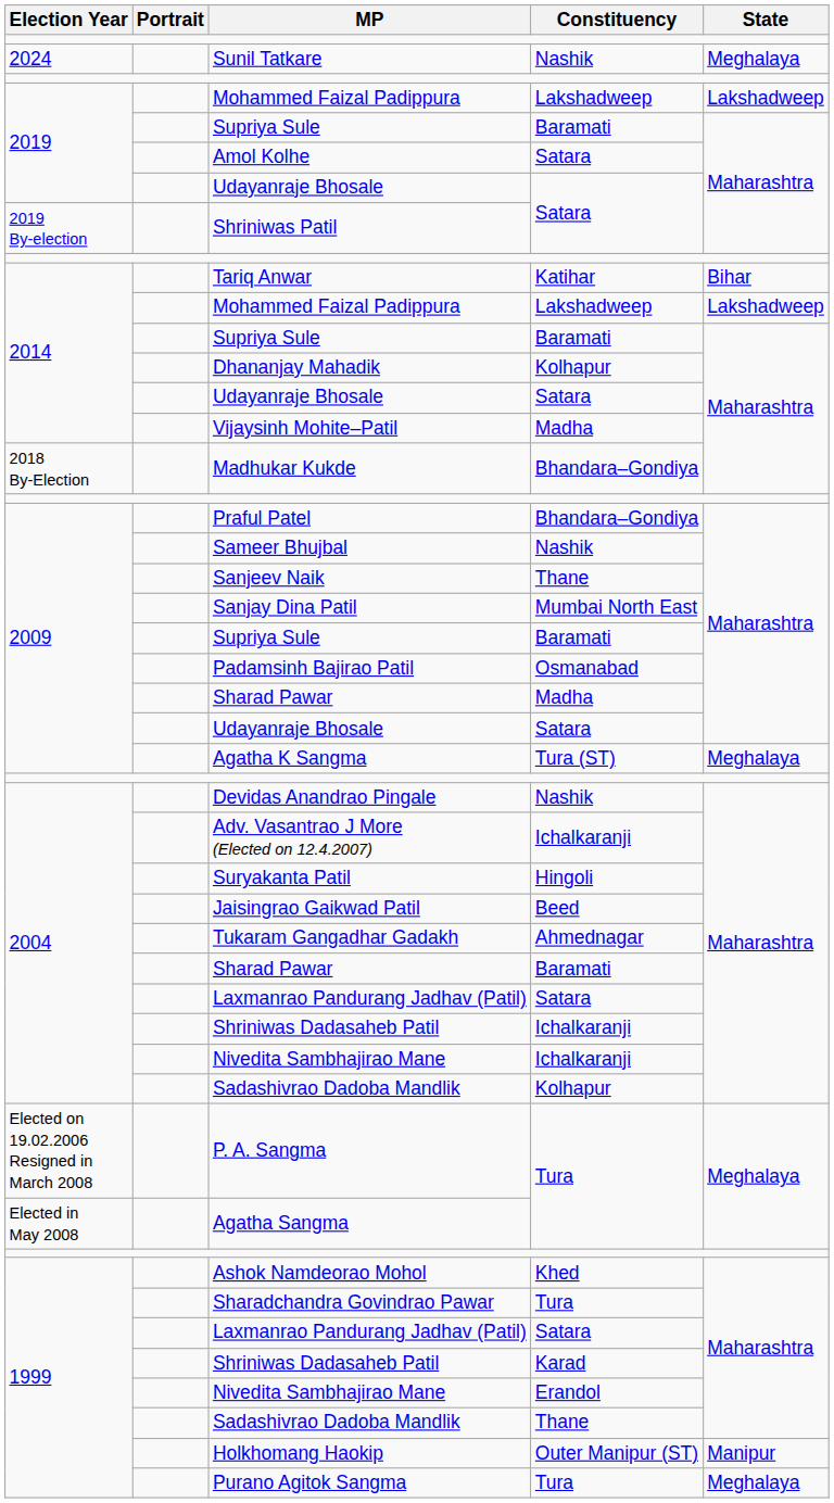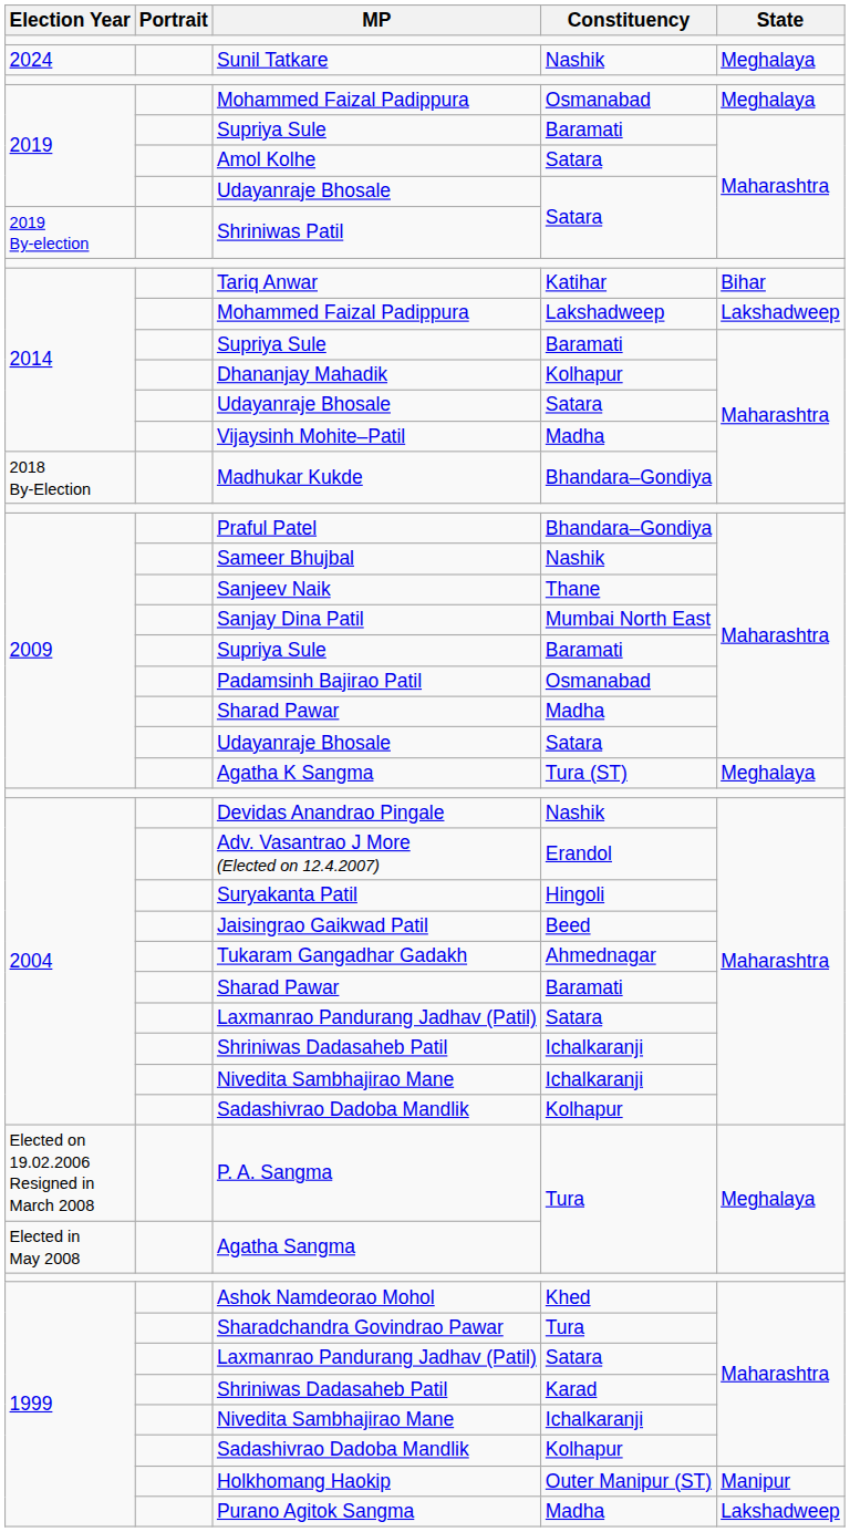 <table class="wikitable">
 <tr>
 <th>Election Year</th>
 <th>Portrait</th>
 <th>MP</th>
 <th>Constituency</th>
 <th>State</th>
 </tr>
 <tr>
 <td Colspan = 6; bgcolor = ><strong></strong></td>
 </tr>
 <tr>
 <td><a href='#'>2024</a></td>
 <td></td>
 <td><a href='#'>Sunil Tatkare</a></td>
 <td><a href='#'>Nashik</a></td>
 <td><a href='#'>Meghalaya</a></td>
 </tr>
 <tr>
 <td Colspan=6, align="center" Style="background-color:"><strong><a href='#'></a></strong></td>
 </tr>
 <tr>
 <td rowspan="4"><a href='#'>2019</a></td>
 <td></td>
 <td><a href='#'>Mohammed Faizal Padippura</a></td>
-<td><a href='#'>Lakshadweep</a></td>
-<td><a href='#'>Lakshadweep</a></td>
+<td><a href='#'>Osmanabad</a></td>
+<td><a href='#'>Meghalaya</a></td>
 </tr>
 <tr>
 <td></td>
 <td><a href='#'>Supriya Sule</a></td>
 <td><a href='#'>Baramati</a></td>
 <td rowspan="4"><a href='#'>Maharashtra</a></td>
 </tr>
 <tr>
 <td></td>
 <td><a href='#'>Amol Kolhe</a></td>
 <td><a href='#'>Satara</a></td>
 </tr>
 <tr>
 <td></td>
 <td><a href='#'>Udayanraje Bhosale</a></td>
 <td rowspan="2"><a href='#'>Satara</a></td>
 </tr>
 <tr>
 <td><a href='#'><small>2019<br>By-election</small></a></td>
 <td></td>
 <td><a href='#'>Shriniwas Patil</a></td>
 </tr>
 <tr>
 <td Colspan=6, align="center" Style="background-color:"><strong><a href='#'></a></strong></td>
 </tr>
 <tr>
 <td rowspan="6"><a href='#'>2014</a></td>
 <td></td>
 <td><a href='#'>Tariq Anwar</a></td>
 <td><a href='#'>Katihar</a></td>
 <td><a href='#'>Bihar</a></td>
 </tr>
 <tr>
 <td></td>
 <td><a href='#'>Mohammed Faizal Padippura</a></td>
 <td><a href='#'>Lakshadweep</a></td>
 <td><a href='#'>Lakshadweep</a></td>
 </tr>
 <tr>
 <td></td>
 <td><a href='#'>Supriya Sule</a></td>
 <td><a href='#'>Baramati</a></td>
 <td rowspan="5"><a href='#'>Maharashtra</a></td>
 </tr>
 <tr>
 <td></td>
 <td><a href='#'>Dhananjay Mahadik</a></td>
 <td><a href='#'>Kolhapur</a></td>
 </tr>
 <tr>
 <td></td>
 <td><a href='#'>Udayanraje Bhosale</a></td>
 <td><a href='#'>Satara</a></td>
 </tr>
 <tr>
 <td></td>
 <td><a href='#'>Vijaysinh Mohite–Patil</a></td>
 <td><a href='#'>Madha</a></td>
 </tr>
 <tr>
 <td><small>2018<br>By-Election</small></td>
 <td></td>
 <td><a href='#'>Madhukar Kukde</a></td>
 <td><a href='#'>Bhandara–Gondiya</a></td>
 </tr>
 <tr>
 <td Colspan=6, align="center" Style="background-color:"><strong><a href='#'></a></strong></td>
 </tr>
 <tr>
 <td rowspan="9"><a href='#'>2009</a></td>
 <td></td>
 <td><a href='#'>Praful Patel</a></td>
 <td><a href='#'>Bhandara–Gondiya</a></td>
 <td rowspan="8"><a href='#'>Maharashtra</a></td>
 </tr>
 <tr>
 <td></td>
 <td><a href='#'>Sameer Bhujbal</a></td>
 <td><a href='#'>Nashik</a></td>
 </tr>
 <tr>
 <td></td>
 <td><a href='#'>Sanjeev Naik</a></td>
 <td><a href='#'>Thane</a></td>
 </tr>
 <tr>
 <td></td>
 <td><a href='#'>Sanjay Dina Patil</a></td>
 <td><a href='#'>Mumbai North East</a></td>
 </tr>
 <tr>
 <td></td>
 <td><a href='#'>Supriya Sule</a></td>
 <td><a href='#'>Baramati</a></td>
 </tr>
 <tr>
 <td></td>
 <td><a href='#'>Padamsinh Bajirao Patil</a></td>
 <td><a href='#'>Osmanabad</a></td>
 </tr>
 <tr>
 <td></td>
 <td><a href='#'>Sharad Pawar</a></td>
 <td><a href='#'>Madha</a></td>
 </tr>
 <tr>
 <td></td>
 <td><a href='#'>Udayanraje Bhosale</a></td>
 <td><a href='#'>Satara</a></td>
 </tr>
 <tr>
 <td></td>
 <td><a href='#'>Agatha K Sangma</a></td>
 <td><a href='#'>Tura (ST)</a></td>
 <td><a href='#'>Meghalaya</a></td>
 </tr>
 <tr>
 <td Colspan=6, align="center" Style="background-color:"><strong><a href='#'></a></strong></td>
 </tr>
 <tr>
 <td rowspan="10"><a href='#'>2004</a></td>
 <td></td>
 <td><a href='#'>Devidas Anandrao Pingale</a></td>
 <td><a href='#'>Nashik</a></td>
 <td rowspan="10"><a href='#'>Maharashtra</a></td>
 </tr>
 <tr>
 <td></td>
 <td><a href='#'>Adv. Vasantrao J More</a><br><small><em>(Elected on 12.4.2007)</em></small></td>
-<td><a href='#'>Ichalkaranji</a></td>
+<td><a href='#'>Erandol</a></td>
 </tr>
 <tr>
 <td></td>
 <td><a href='#'>Suryakanta Patil</a></td>
 <td><a href='#'>Hingoli</a></td>
 </tr>
 <tr>
 <td></td>
 <td><a href='#'>Jaisingrao Gaikwad Patil</a></td>
 <td><a href='#'>Beed</a></td>
 </tr>
 <tr>
 <td></td>
 <td><a href='#'>Tukaram Gangadhar Gadakh</a></td>
 <td><a href='#'>Ahmednagar</a></td>
 </tr>
 <tr>
 <td></td>
 <td><a href='#'>Sharad Pawar</a></td>
 <td><a href='#'>Baramati</a></td>
 </tr>
 <tr>
 <td></td>
 <td><a href='#'>Laxmanrao Pandurang Jadhav (Patil)</a></td>
 <td><a href='#'>Satara</a></td>
 </tr>
 <tr>
 <td></td>
 <td><a href='#'>Shriniwas Dadasaheb Patil</a></td>
 <td><a href='#'>Ichalkaranji</a></td>
 </tr>
 <tr>
 <td></td>
 <td><a href='#'>Nivedita Sambhajirao Mane</a></td>
 <td><a href='#'>Ichalkaranji</a></td>
 </tr>
 <tr>
 <td></td>
 <td><a href='#'>Sadashivrao Dadoba Mandlik</a></td>
 <td><a href='#'>Kolhapur</a></td>
 </tr>
 <tr>
 <td><small>Elected on<br>19.02.2006<br>Resigned in<br>March 2008</small></td>
 <td></td>
 <td><a href='#'>P. A. Sangma</a></td>
 <td rowspan="2"><a href='#'>Tura</a></td>
 <td rowspan="2"><a href='#'>Meghalaya</a></td>
 </tr>
 <tr>
 <td><small>Elected in<br>May 2008</small></td>
 <td></td>
 <td><a href='#'>Agatha Sangma</a></td>
 </tr>
 <tr>
 <td Colspan=6, align="center" Style="background-color:"><strong><a href='#'></a></strong></td>
 </tr>
 <tr>
 <td rowspan="8"><a href='#'>1999</a></td>
 <td></td>
 <td><a href='#'>Ashok Namdeorao Mohol</a></td>
 <td><a href='#'>Khed</a></td>
 <td rowspan="6"><a href='#'>Maharashtra</a></td>
 </tr>
 <tr>
 <td></td>
 <td><a href='#'>Sharadchandra Govindrao Pawar</a></td>
 <td><a href='#'>Tura</a></td>
 </tr>
 <tr>
 <td></td>
 <td><a href='#'>Laxmanrao Pandurang Jadhav (Patil)</a></td>
 <td><a href='#'>Satara</a></td>
 </tr>
 <tr>
 <td></td>
 <td><a href='#'>Shriniwas Dadasaheb Patil</a></td>
 <td><a href='#'>Karad</a></td>
 </tr>
 <tr>
 <td></td>
 <td><a href='#'>Nivedita Sambhajirao Mane</a></td>
-<td><a href='#'>Erandol</a></td>
+<td><a href='#'>Ichalkaranji</a></td>
 </tr>
 <tr>
 <td></td>
 <td><a href='#'>Sadashivrao Dadoba Mandlik</a></td>
-<td><a href='#'>Thane</a></td>
+<td><a href='#'>Kolhapur</a></td>
 </tr>
 <tr>
 <td></td>
 <td><a href='#'>Holkhomang Haokip</a></td>
 <td><a href='#'>Outer Manipur (ST)</a></td>
 <td><a href='#'>Manipur</a></td>
 </tr>
 <tr>
 <td></td>
 <td><a href='#'>Purano Agitok Sangma</a></td>
-<td><a href='#'>Tura</a></td>
-<td><a href='#'>Meghalaya</a></td>
+<td><a href='#'>Madha</a></td>
+<td><a href='#'>Lakshadweep</a></td>
 </tr>
 </table>
